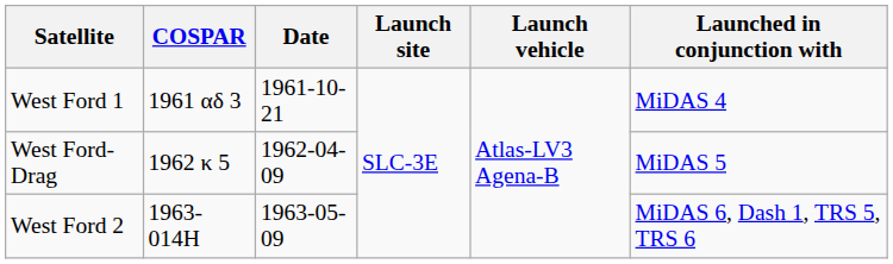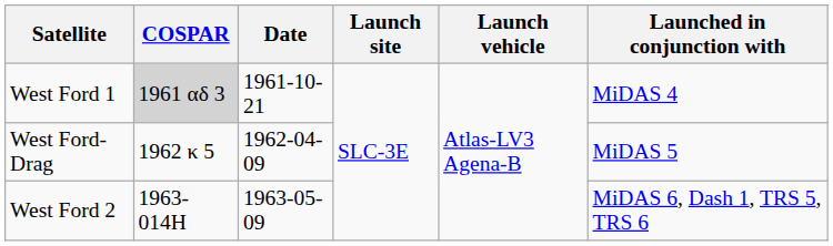 <table class="wikitable">
 <tr>
 <th>Satellite</th>
 <th><a href='#'>COSPAR</a></th>
 <th>Date</th>
 <th>Launch site</th>
 <th>Launch vehicle</th>
 <th>Launched in conjunction with</th>
 </tr>
 <tr>
 <td>West Ford 1</td>
-<td>1961 αδ 3</td>
+<td style="background: lightgrey;">1961 αδ 3</td>
 <td>1961-10-21</td>
 <td rowspan="3"><a href='#'>SLC-3E</a></td>
 <td rowspan="3"><a href='#'>Atlas-LV3 Agena-B</a></td>
 <td><a href='#'>MiDAS 4</a></td>
 </tr>
 <tr>
 <td>West Ford-Drag</td>
 <td>1962 κ 5</td>
 <td>1962-04-09</td>
 <td><a href='#'>MiDAS 5</a></td>
 </tr>
 <tr>
 <td>West Ford 2</td>
 <td>1963-014H</td>
 <td>1963-05-09</td>
 <td><a href='#'>MiDAS 6</a>, <a href='#'>Dash 1</a>, <a href='#'>TRS 5</a>, <a href='#'>TRS 6</a></td>
 </tr>
 </table>
